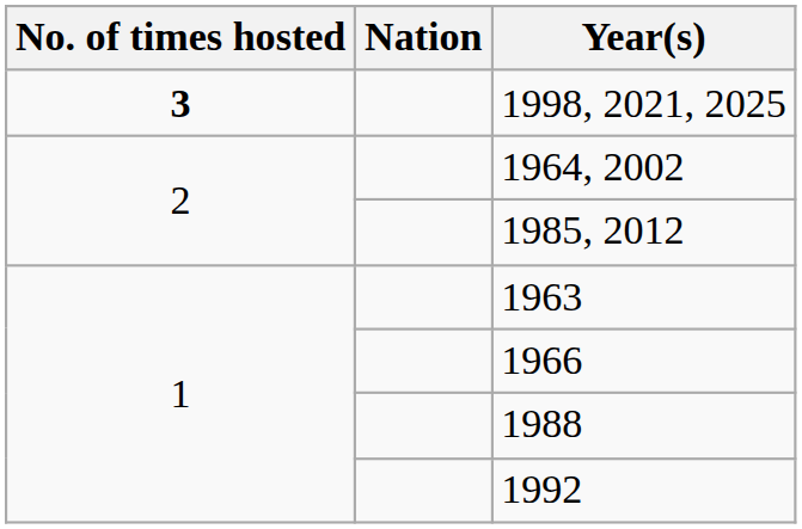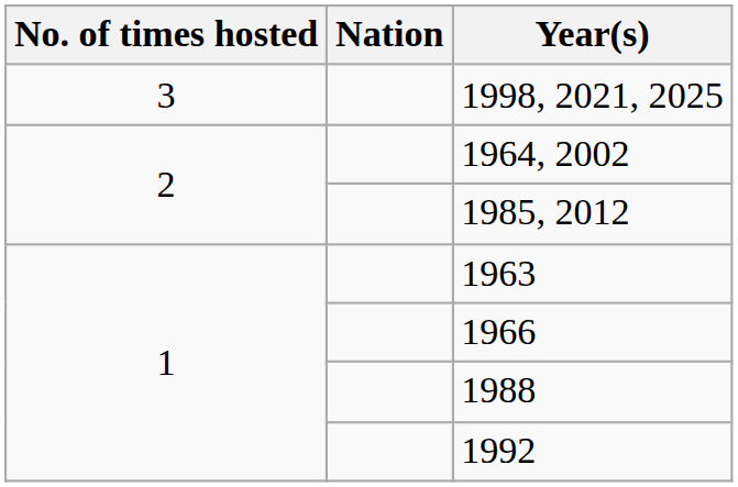 <table class="wikitable">
 <tr>
 <th>No. of times hosted</th>
 <th>Nation</th>
 <th>Year(s)</th>
 </tr>
 <tr>
-<td align=center rowspan=1><strong>3</strong></td>
+<td align=center rowspan=1>3</td>
 <td></td>
 <td>1998, 2021, 2025</td>
 </tr>
 <tr>
 <td align=center rowspan=2>2</td>
 <td></td>
 <td>1964, 2002</td>
 </tr>
 <tr>
 <td></td>
 <td>1985, 2012</td>
 </tr>
 <tr>
 <td align=center rowspan=4>1</td>
 <td></td>
 <td>1963</td>
 </tr>
 <tr>
 <td></td>
 <td>1966</td>
 </tr>
 <tr>
 <td></td>
 <td>1988</td>
 </tr>
 <tr>
 <td></td>
 <td>1992</td>
 </tr>
 </table>
